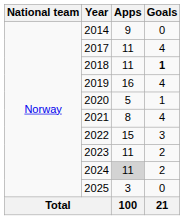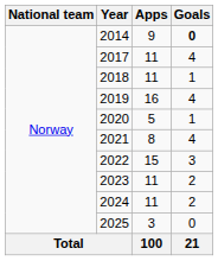 <table class="wikitable" style="text-align:center">
 <tr>
 <th>National team</th>
 <th>Year</th>
 <th>Apps</th>
 <th>Goals</th>
 </tr>
 <tr>
 <td rowspan="10"><a href='#'>Norway</a></td>
 <td>2014</td>
 <td>9</td>
-<td>0</td>
+<td><strong>0</strong></td>
 </tr>
 <tr>
 <td>2017</td>
 <td>11</td>
 <td>4</td>
 </tr>
 <tr>
 <td>2018</td>
 <td>11</td>
-<td><strong>1</strong></td>
+<td>1</td>
 </tr>
 <tr>
 <td>2019</td>
 <td>16</td>
 <td>4</td>
 </tr>
 <tr>
 <td>2020</td>
 <td>5</td>
 <td>1</td>
 </tr>
 <tr>
 <td>2021</td>
 <td>8</td>
 <td>4</td>
 </tr>
 <tr>
 <td>2022</td>
 <td>15</td>
 <td>3</td>
 </tr>
 <tr>
 <td>2023</td>
 <td>11</td>
 <td>2</td>
 </tr>
 <tr>
 <td>2024</td>
-<td style="background: lightgrey;">11</td>
+<td>11</td>
 <td>2</td>
 </tr>
 <tr>
 <td>2025</td>
 <td>3</td>
 <td>0</td>
 </tr>
 <tr>
 <th colspan="2">Total</th>
 <th>100</th>
 <th>21</th>
 </tr>
 </table>
